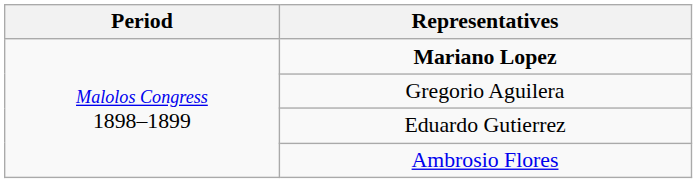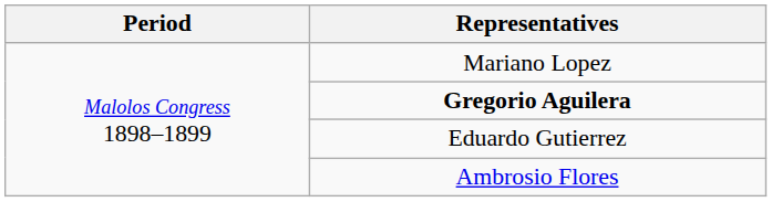 <table class="wikitable" style="text-align:center; width:40%;">
 <tr>
 <th width="40%">Period</th>
 <th>Representatives</th>
 </tr>
 <tr>
 <td rowspan="4"><small><em><a href='#'>Malolos Congress</a></em></small><br>1898–1899</td>
-<td><strong>Mariano Lopez</strong></td>
+<td>Mariano Lopez</td>
 </tr>
 <tr>
-<td>Gregorio Aguilera</td>
+<td><strong>Gregorio Aguilera</strong></td>
 </tr>
 <tr>
 <td>Eduardo Gutierrez</td>
 </tr>
 <tr>
 <td><a href='#'>Ambrosio Flores</a></td>
 </tr>
 </table>
